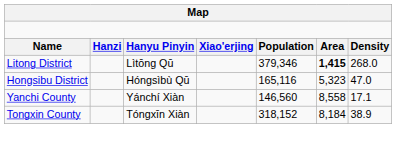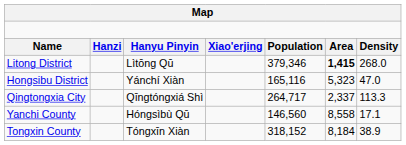 <table class="wikitable">
 <tr>
 <th colspan="7">Map</th>
 </tr>
 <tr>
 <td colspan="7"><div><br>        </div></td>
 </tr>
 <tr>
 <th>Name</th>
 <th><a href='#'>Hanzi</a></th>
 <th><a href='#'>Hanyu Pinyin</a></th>
 <th><a href='#'>Xiao'erjing</a></th>
 <th>Population</th>
 <th>Area </th>
 <th>Density </th>
 </tr>
 <tr --------->
 <td><a href='#'>Litong District</a></td>
 <td></td>
 <td>Lìtōng Qū</td>
 <td></td>
 <td>379,346</td>
 <td><strong>1,415</strong></td>
 <td>268.0</td>
 </tr>
 <tr --------->
 <td><a href='#'>Hongsibu District</a></td>
 <td></td>
-<td>Hóngsìbù Qū</td>
+<td>Yánchí Xiàn</td>
 <td></td>
 <td>165,116</td>
 <td>5,323</td>
 <td>47.0</td>
 </tr>
 <tr --------->
+<td><a href='#'>Qingtongxia City</a></td>
+<td></td>
+<td>Qīngtóngxiá Shì</td>
+<td></td>
+<td>264,717</td>
+<td>2,337</td>
+<td>113.3</td>
+</tr>
+<tr --------->
 <td><a href='#'>Yanchi County</a></td>
 <td></td>
-<td>Yánchí Xiàn</td>
+<td>Hóngsìbù Qū</td>
 <td></td>
 <td>146,560</td>
 <td>8,558</td>
 <td>17.1</td>
 </tr>
 <tr --------->
 <td><a href='#'>Tongxin County</a></td>
 <td></td>
 <td>Tóngxīn Xiàn</td>
 <td></td>
 <td>318,152</td>
 <td>8,184</td>
 <td>38.9</td>
 </tr>
 </table>
